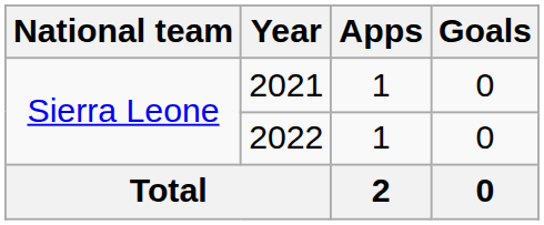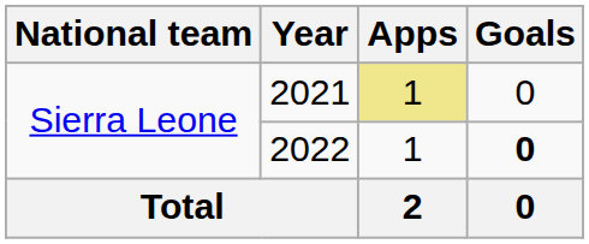 <table class=wikitable style="text-align: center;">
 <tr>
 <th>National team</th>
 <th>Year</th>
 <th>Apps</th>
 <th>Goals</th>
 </tr>
 <tr>
 <td rowspan=2><a href='#'>Sierra Leone</a></td>
 <td>2021</td>
-<td>1</td>
+<td style="background: khaki;">1</td>
 <td>0</td>
 </tr>
 <tr>
 <td>2022</td>
 <td>1</td>
-<td>0</td>
+<td><strong>0</strong></td>
 </tr>
 <tr>
 <th colspan=2>Total</th>
 <th>2</th>
 <th>0</th>
 </tr>
 </table>
